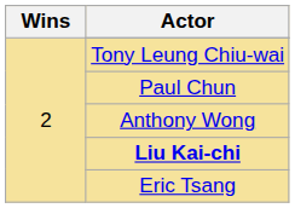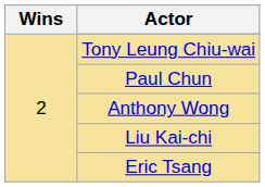 <table class="wikitable" rowspan=2 style="text-align: center; background: #f6e39c">
 <tr>
 <th scope="col" width="55">Wins</th>
 <th scope="col" align="center">Actor</th>
 </tr>
 <tr>
 <td rowspan=6 style="text-align:center;">2</td>
 </tr>
 <tr>
 <td><a href='#'>Tony Leung Chiu-wai</a></td>
 </tr>
 <tr>
 <td><a href='#'>Paul Chun</a></td>
 </tr>
 <tr>
 <td><a href='#'>Anthony Wong</a></td>
 </tr>
 <tr>
-<td><strong><a href='#'>Liu Kai-chi</a></strong></td>
+<td><a href='#'>Liu Kai-chi</a></td>
 </tr>
 <tr>
 <td><a href='#'>Eric Tsang</a></td>
 </tr>
 </table>
